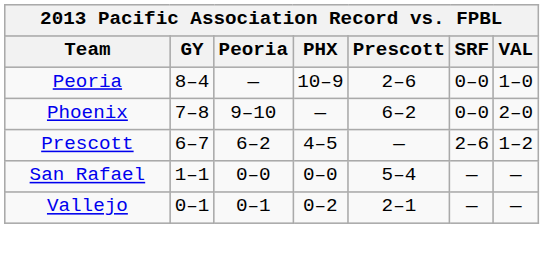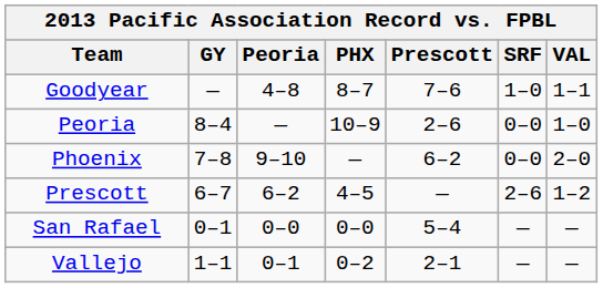 <table class="wikitable" style="font-size:95%; text-align:center;">
 <tr>
 <th colspan=7>2013 Pacific Association Record vs. FPBL</th>
 </tr>
 <tr>
 <th style="width:100px;">Team</th>
 <th>GY</th>
 <th>Peoria</th>
 <th>PHX</th>
 <th>Prescott</th>
 <th>SRF</th>
 <th>VAL</th>
+</tr>
+<tr>
+<td><a href='#'>Goodyear</a></td>
+<td>—</td>
+<td>4–8</td>
+<td>8–7</td>
+<td>7–6</td>
+<td>1–0</td>
+<td>1–1</td>
 </tr>
 <tr>
 <td><a href='#'>Peoria</a></td>
 <td>8–4</td>
 <td>—</td>
 <td>10–9</td>
 <td>2–6</td>
 <td>0–0</td>
 <td>1–0</td>
 </tr>
 <tr>
 <td><a href='#'>Phoenix</a></td>
 <td>7–8</td>
 <td>9–10</td>
 <td>—</td>
 <td>6–2</td>
 <td>0–0</td>
 <td>2–0</td>
 </tr>
 <tr>
 <td><a href='#'>Prescott</a></td>
 <td>6–7</td>
 <td>6–2</td>
 <td>4–5</td>
 <td>—</td>
 <td>2–6</td>
 <td>1–2</td>
 </tr>
 <tr>
 <td><a href='#'>San Rafael</a></td>
-<td>1–1</td>
+<td>0–1</td>
 <td>0–0</td>
 <td>0–0</td>
 <td>5–4</td>
 <td>—</td>
 <td>—</td>
 </tr>
 <tr>
 <td><a href='#'>Vallejo</a></td>
-<td>0–1</td>
+<td>1–1</td>
 <td>0–1</td>
 <td>0–2</td>
 <td>2–1</td>
 <td>—</td>
 <td>—</td>
 </tr>
 </table>
